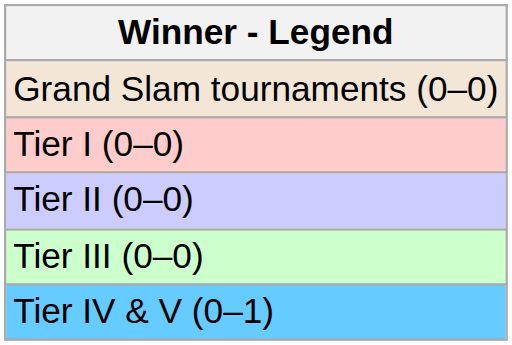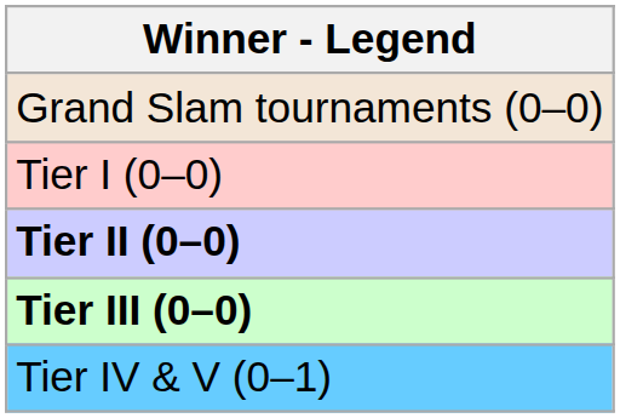 <table class="wikitable sortable mw-collapsible mw-collapsed">
 <tr>
 <th>Winner - Legend</th>
 </tr>
 <tr>
 <td align="center" colspan="2" bgcolor="#f3e6d7">Grand Slam tournaments (0–0)</td>
 </tr>
 <tr>
 <td bgcolor="#ffcccc">Tier I (0–0)</td>
 </tr>
 <tr>
-<td bgcolor="#ccccff">Tier II (0–0)</td>
+<td bgcolor="#ccccff"><strong>Tier II (0–0)</strong></td>
 </tr>
 <tr>
-<td bgcolor="#CCFFCC">Tier III (0–0)</td>
+<td bgcolor="#CCFFCC"><strong>Tier III (0–0)</strong></td>
 </tr>
 <tr>
 <td bgcolor="#66CCFF">Tier IV & V (0–1)</td>
 </tr>
 </table>
